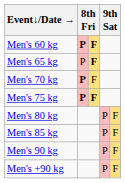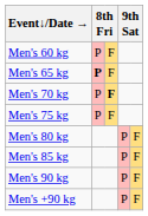 <table class="wikitable" style="margin:0.5em auto; font-size:90%; line-height:1.25em; text-align:center">
 <tr>
 <th>Event↓/Date →</th>
 <th colspan=2>8th<br>Fri</th>
 <th colspan=2>9th<br>Sat</th>
 </tr>
 <tr>
 <td align="left"><a href='#'>Men's 60 kg</a></td>
-<td bgcolor="#FFBBBB"><strong>P</strong></td>
-<td bgcolor="#FFDF80"><strong>F</strong></td>
+<td bgcolor="#FFBBBB">P</td>
+<td bgcolor="#FFDF80">F</td>
 <td colspan=2></td>
 </tr>
 <tr>
 <td align="left"><a href='#'>Men's 65 kg</a></td>
+<td bgcolor="#FFBBBB"><strong>P</strong></td>
+<td bgcolor="#FFDF80">F</td>
+<td colspan=2></td>
+</tr>
+<tr>
+<td align="left"><a href='#'>Men's 70 kg</a></td>
 <td bgcolor="#FFBBBB">P</td>
 <td bgcolor="#FFDF80"><strong>F</strong></td>
 <td colspan=2></td>
 </tr>
 <tr>
-<td align="left"><a href='#'>Men's 70 kg</a></td>
-<td bgcolor="#FFBBBB"><strong>P</strong></td>
+<td align="left"><a href='#'>Men's 75 kg</a></td>
+<td bgcolor="#FFBBBB">P</td>
 <td bgcolor="#FFDF80">F</td>
-<td colspan=2></td>
-</tr>
-<tr>
-<td align="left"><a href='#'>Men's 75 kg</a></td>
-<td bgcolor="#FFBBBB"><strong>P</strong></td>
-<td bgcolor="#FFDF80"><strong>F</strong></td>
 <td colspan=2></td>
 </tr>
 <tr>
 <td align="left"><a href='#'>Men's 80 kg</a></td>
 <td colspan=2></td>
 <td bgcolor="#FFBBBB">P</td>
 <td bgcolor="#FFDF80">F</td>
 </tr>
 <tr>
 <td align="left"><a href='#'>Men's 85 kg</a></td>
 <td colspan=2></td>
 <td bgcolor="#FFBBBB">P</td>
 <td bgcolor="#FFDF80">F</td>
 </tr>
 <tr>
 <td align="left"><a href='#'>Men's 90 kg</a></td>
 <td colspan=2></td>
 <td bgcolor="#FFBBBB">P</td>
 <td bgcolor="#FFDF80">F</td>
 </tr>
 <tr>
 <td align="left"><a href='#'>Men's +90 kg</a></td>
 <td colspan=2></td>
 <td bgcolor="#FFBBBB">P</td>
 <td bgcolor="#FFDF80">F</td>
 </tr>
 </table>
